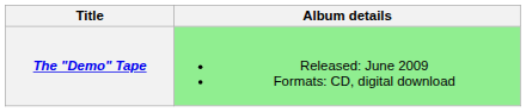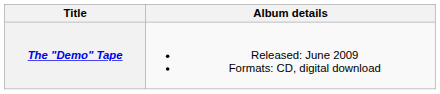 <table class="wikitable plainrowheaders" style="text-align:center;" border="1">
 <tr>
 <th scope="col" style="width:12em;">Title</th>
 <th scope="col" style="width:25em;">Album details</th>
 </tr>
 <tr>
 <th scope="row"><em><a href='#'>The "Demo" Tape</a></em></th>
-<td style="background: lightgreen;"><br><ul><li>Released: June 2009</li><li>Formats: CD, digital download</li></ul></td>
+<td><br><ul><li>Released: June 2009</li><li>Formats: CD, digital download</li></ul></td>
 </tr>
 </table>
